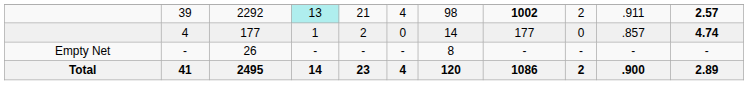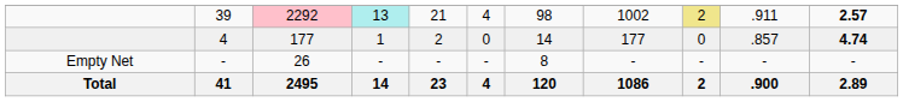 <table class="wikitable sortable" width ="1000">
 <tr align="center">
 </tr>
 <tr align="center">
 <td></td>
 <td>39</td>
-<td>2292</td>
+<td style="background: pink;">2292</td>
 <td style="background: paleturquoise;">13</td>
 <td>21</td>
 <td>4</td>
 <td>98</td>
-<td><strong>1002</strong></td>
-<td>2</td>
+<td>1002</td>
+<td style="background: khaki;">2</td>
 <td>.911</td>
 <td><strong>2.57</strong></td>
 </tr>
 <tr align="center" bgcolor="#f0f0f0">
 <td></td>
 <td>4</td>
 <td>177</td>
 <td>1</td>
 <td>2</td>
 <td>0</td>
 <td>14</td>
 <td>177</td>
 <td>0</td>
 <td>.857</td>
 <td><strong>4.74</strong></td>
 </tr>
 <tr align="center" bgcolor="">
 <td>Empty Net</td>
 <td>-</td>
 <td>26</td>
 <td>-</td>
 <td>-</td>
 <td>-</td>
 <td>8</td>
 <td>-</td>
 <td>-</td>
 <td>-</td>
 <td>-</td>
 </tr>
 <tr>
 <th>Total</th>
 <th>41</th>
 <th>2495</th>
 <th>14</th>
 <th>23</th>
 <th>4</th>
 <th>120</th>
 <th>1086</th>
 <th>2</th>
 <th>.900</th>
 <th>2.89</th>
 </tr>
 </table>
